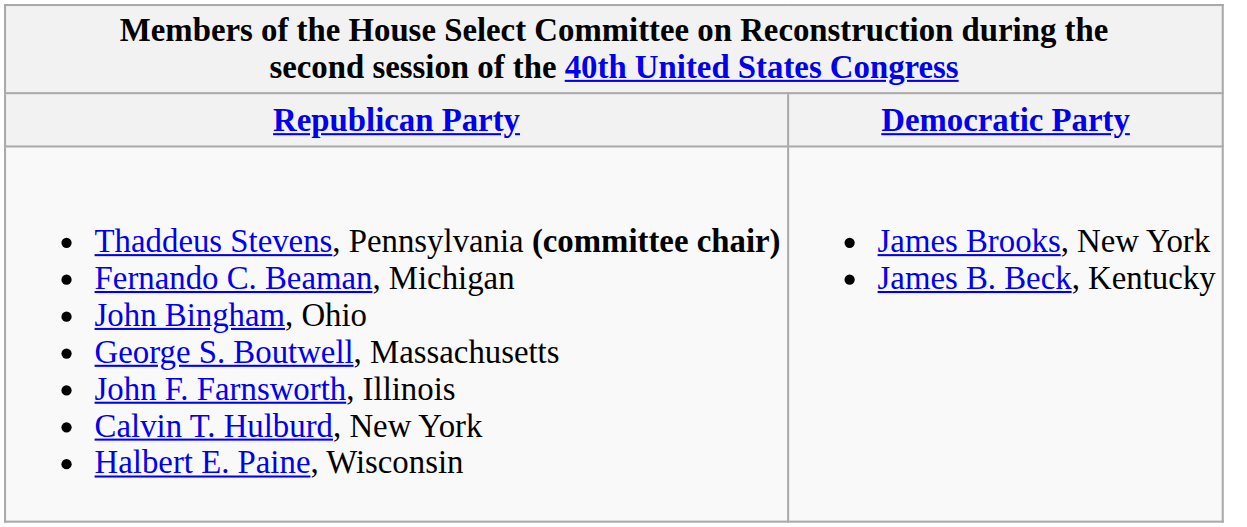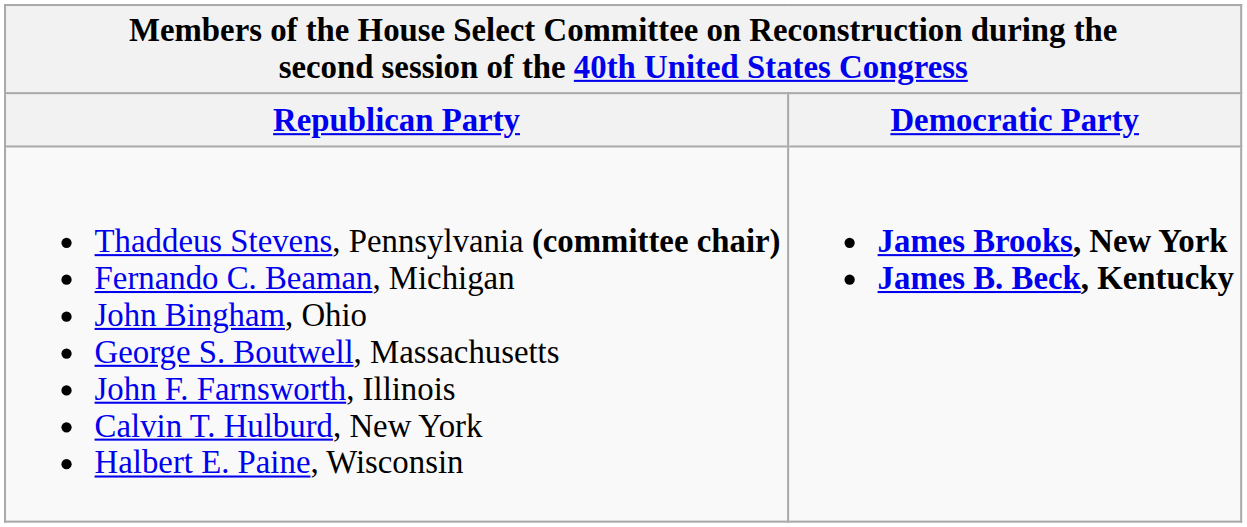 <table class=wikitable>
 <tr>
 <th Colspan=3>Members of the House Select Committee on Reconstruction during the<br>second session of the  <a href='#'>40th United States Congress</a></th>
 </tr>
 <tr>
 <th><a href='#'>Republican Party</a></th>
 <th><a href='#'>Democratic Party</a></th>
 </tr>
 <tr>
 <td valign=top ><br><ul><li><a href='#'>Thaddeus Stevens</a>, Pennsylvania <strong>(committee chair)</strong></li><li><a href='#'>Fernando C. Beaman</a>, Michigan</li><li><a href='#'>John Bingham</a>, Ohio</li><li><a href='#'>George S. Boutwell</a>, Massachusetts</li><li><a href='#'>John F. Farnsworth</a>, Illinois</li><li><a href='#'>Calvin T. Hulburd</a>, New York</li><li><a href='#'>Halbert E. Paine</a>, Wisconsin</li></ul></td>
-<td valign=top ><br><ul><li><a href='#'>James Brooks</a>, New York</li><li><a href='#'>James B. Beck</a>, Kentucky</li></ul></td>
+<td valign=top ><strong><br><ul><li><a href='#'>James Brooks</a>, New York</li><li><a href='#'>James B. Beck</a>, Kentucky</li></ul></strong></td>
 </tr>
 </table>
